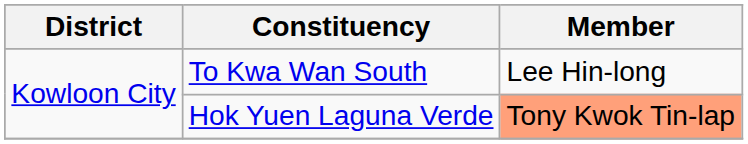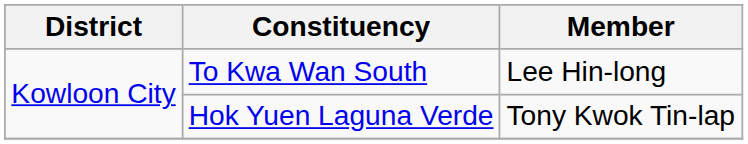 <table class="wikitable" style="text-align:left;">
 <tr>
 <th>District</th>
 <th>Constituency</th>
 <th>Member</th>
 </tr>
 <tr>
 <td rowspan=2><a href='#'>Kowloon City</a></td>
 <td><a href='#'>To Kwa Wan South</a></td>
 <td>Lee Hin-long</td>
 </tr>
 <tr>
 <td><a href='#'>Hok Yuen Laguna Verde</a></td>
-<td style="background: lightsalmon;">Tony Kwok Tin-lap</td>
+<td>Tony Kwok Tin-lap</td>
 </tr>
 <tr>
 </tr>
 </table>
